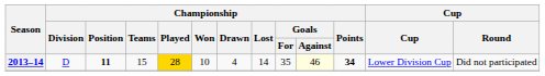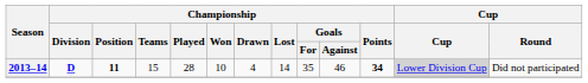 <table class="wikitable" style="text-align: center; font-size:90%; margin: 1em auto;">
 <tr>
 <th rowspan=3>Season</th>
 <th colspan=10>Championship</th>
 <th colspan=10>Cup</th>
 </tr>
 <tr>
 <th rowspan=2>Division</th>
 <th rowspan=2>Position</th>
 <th rowspan=2>Teams</th>
 <th rowspan=2>Played</th>
 <th rowspan=2>Won</th>
 <th rowspan=2>Drawn</th>
 <th rowspan=2>Lost</th>
 <th colspan=2>Goals</th>
 <th rowspan=2>Points</th>
 <th rowspan=2>Cup</th>
 <th rowspan=2>Round</th>
 </tr>
 <tr>
 <th>For</th>
 <th>Against</th>
 </tr>
 <tr>
 <th><a href='#'>2013–14</a></th>
-<td><a href='#'>D</a></td>
+<td><strong><a href='#'>D</a></strong></td>
 <td><strong>11</strong></td>
 <td>15</td>
-<td style="background: gold;">28</td>
+<td>28</td>
 <td>10</td>
 <td>4</td>
 <td>14</td>
 <td>35</td>
-<td style="background: lightyellow;">46</td>
+<td>46</td>
 <td><strong>34</strong></td>
-<td><a href='#'>Lower Division Cup</a></td>
+<td style="background: lightgrey;"><a href='#'>Lower Division Cup</a></td>
 <td>Did not participated</td>
 </tr>
 <tr>
 </tr>
 </table>
